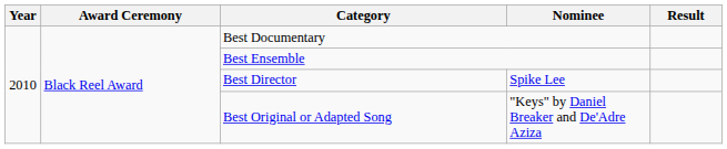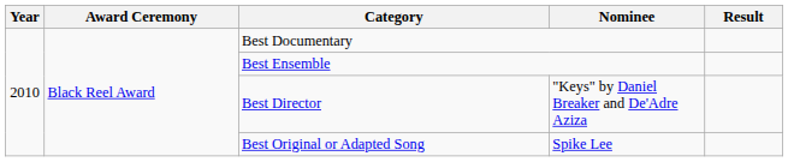 <table class="wikitable" width="95%">
 <tr>
 <th width="5%">Year</th>
 <th width="25%">Award Ceremony</th>
 <th width="40%">Category</th>
 <th width="20%">Nominee</th>
 <th width="10%">Result</th>
 </tr>
 <tr>
 <td rowspan="4" align="center">2010</td>
 <td rowspan="4"><a href='#'>Black Reel Award</a></td>
 <td colspan="2">Best Documentary</td>
 <td></td>
 </tr>
 <tr>
 <td colspan="2"><a href='#'>Best Ensemble</a></td>
 <td></td>
 </tr>
 <tr>
 <td><a href='#'>Best Director</a></td>
-<td><a href='#'>Spike Lee</a></td>
+<td>"Keys" by <a href='#'>Daniel Breaker</a> and <a href='#'>De'Adre Aziza</a></td>
 <td></td>
 </tr>
 <tr>
 <td><a href='#'>Best Original or Adapted Song</a></td>
-<td>"Keys" by <a href='#'>Daniel Breaker</a> and <a href='#'>De'Adre Aziza</a></td>
+<td><a href='#'>Spike Lee</a></td>
 <td></td>
 </tr>
 </table>
